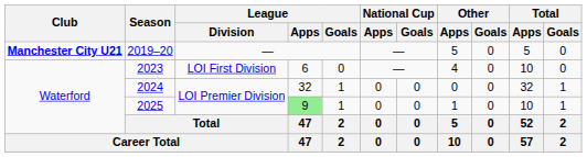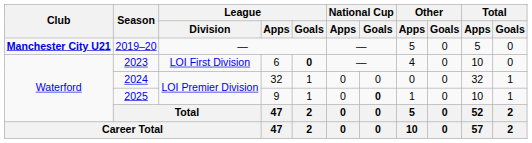 <table class=wikitable style="text-align: center">
 <tr>
 <th rowspan=2>Club</th>
 <th rowspan=2>Season</th>
 <th colspan=3>League</th>
 <th colspan=2>National Cup</th>
 <th colspan=2>Other</th>
 <th colspan=2>Total</th>
 </tr>
 <tr>
 <th>Division</th>
 <th>Apps</th>
 <th>Goals</th>
 <th>Apps</th>
 <th>Goals</th>
 <th>Apps</th>
 <th>Goals</th>
 <th>Apps</th>
 <th>Goals</th>
 </tr>
 <tr>
 <td><strong><a href='#'>Manchester City U21</a></strong></td>
 <td><a href='#'>2019–20</a></td>
 <td colspan="3">—</td>
 <td colspan="2">—</td>
 <td>5</td>
 <td>0</td>
 <td>5</td>
 <td>0</td>
 </tr>
 <tr>
 <td rowspan="4"><a href='#'>Waterford</a></td>
 <td><a href='#'>2023</a></td>
 <td><a href='#'>LOI First Division</a></td>
 <td>6</td>
-<td>0</td>
+<td><strong>0</strong></td>
 <td colspan="2">—</td>
 <td>4</td>
 <td>0</td>
 <td>10</td>
 <td>0</td>
 </tr>
 <tr>
 <td><a href='#'>2024</a></td>
 <td rowspan="2"><a href='#'>LOI Premier Division</a></td>
 <td>32</td>
 <td>1</td>
 <td>0</td>
 <td>0</td>
 <td>0</td>
 <td>0</td>
 <td>32</td>
 <td>1</td>
 </tr>
 <tr>
 <td><a href='#'>2025</a></td>
-<td style="background: lightgreen;">9</td>
+<td>9</td>
 <td>1</td>
 <td>0</td>
-<td>0</td>
+<td><strong>0</strong></td>
 <td>1</td>
 <td>0</td>
 <td>10</td>
 <td>1</td>
 </tr>
 <tr>
 <th colspan="2">Total</th>
 <th>47</th>
 <th>2</th>
 <th>0</th>
 <th>0</th>
 <th>5</th>
 <th>0</th>
 <th>52</th>
 <th>2</th>
 </tr>
 <tr>
 <th colspan="3">Career Total</th>
 <th>47</th>
 <th>2</th>
 <th>0</th>
 <th>0</th>
 <th>10</th>
 <th>0</th>
 <th>57</th>
 <th>2</th>
 </tr>
 </table>
